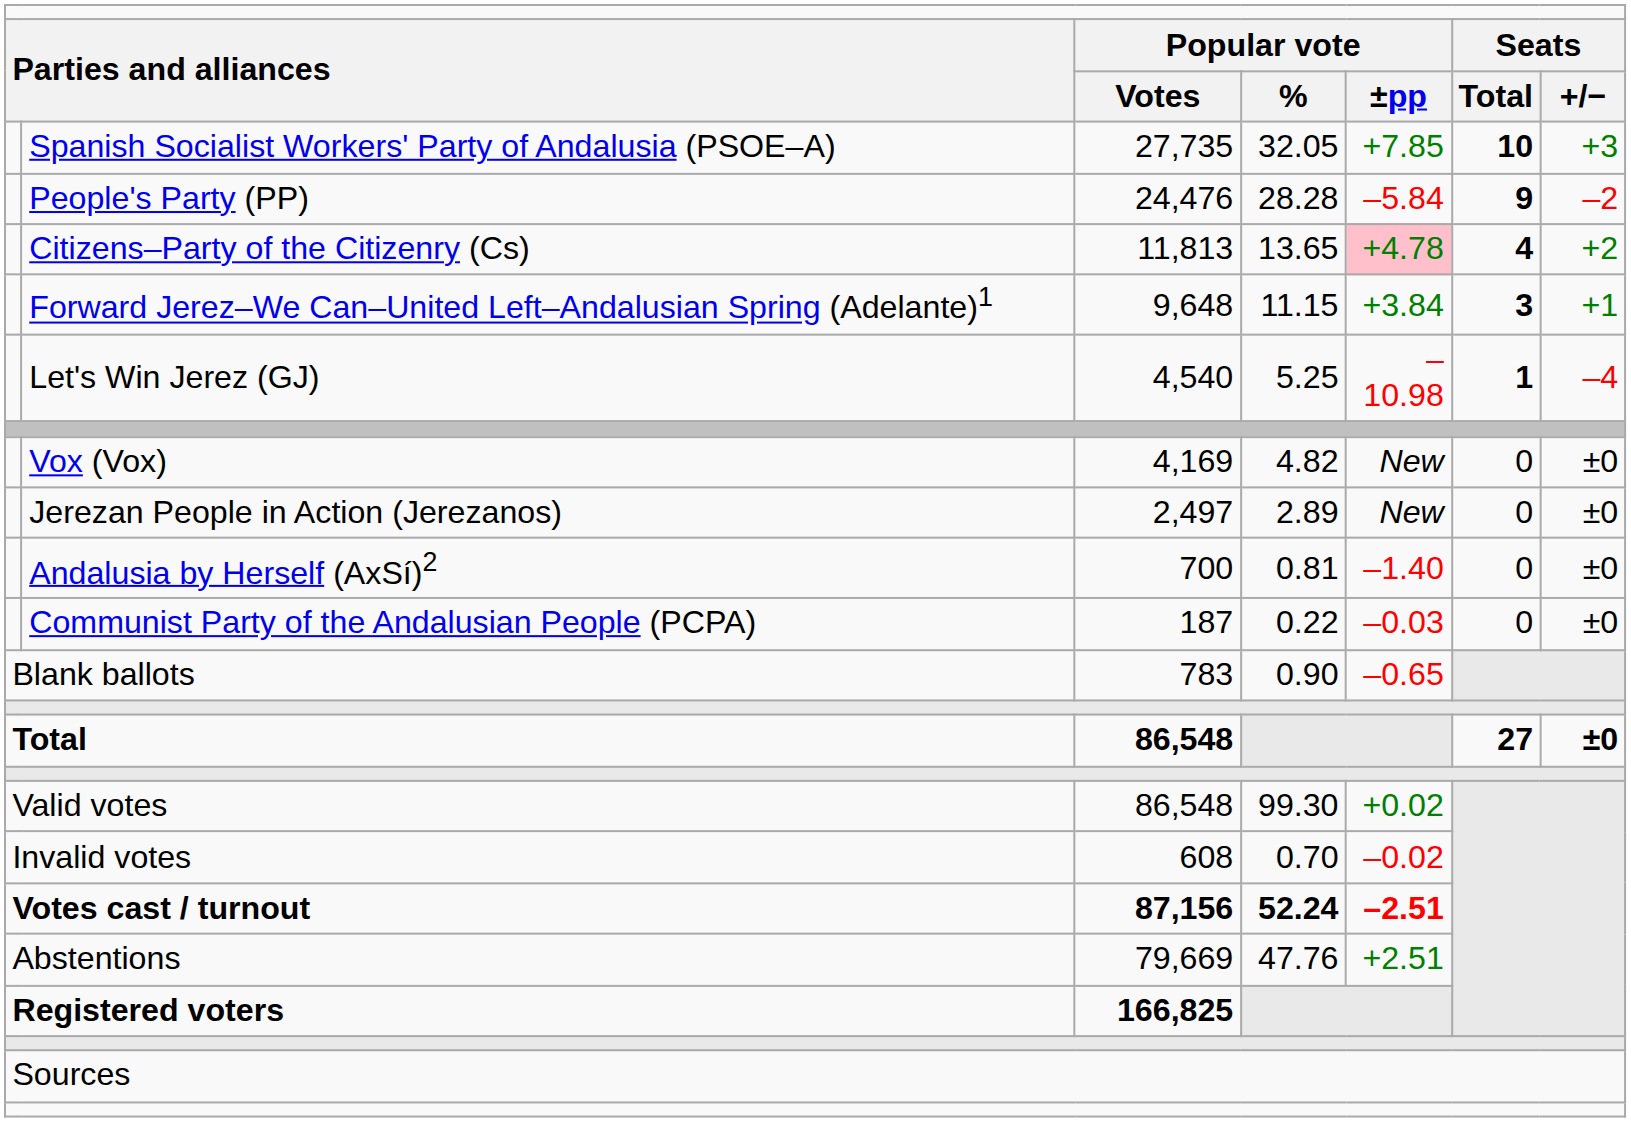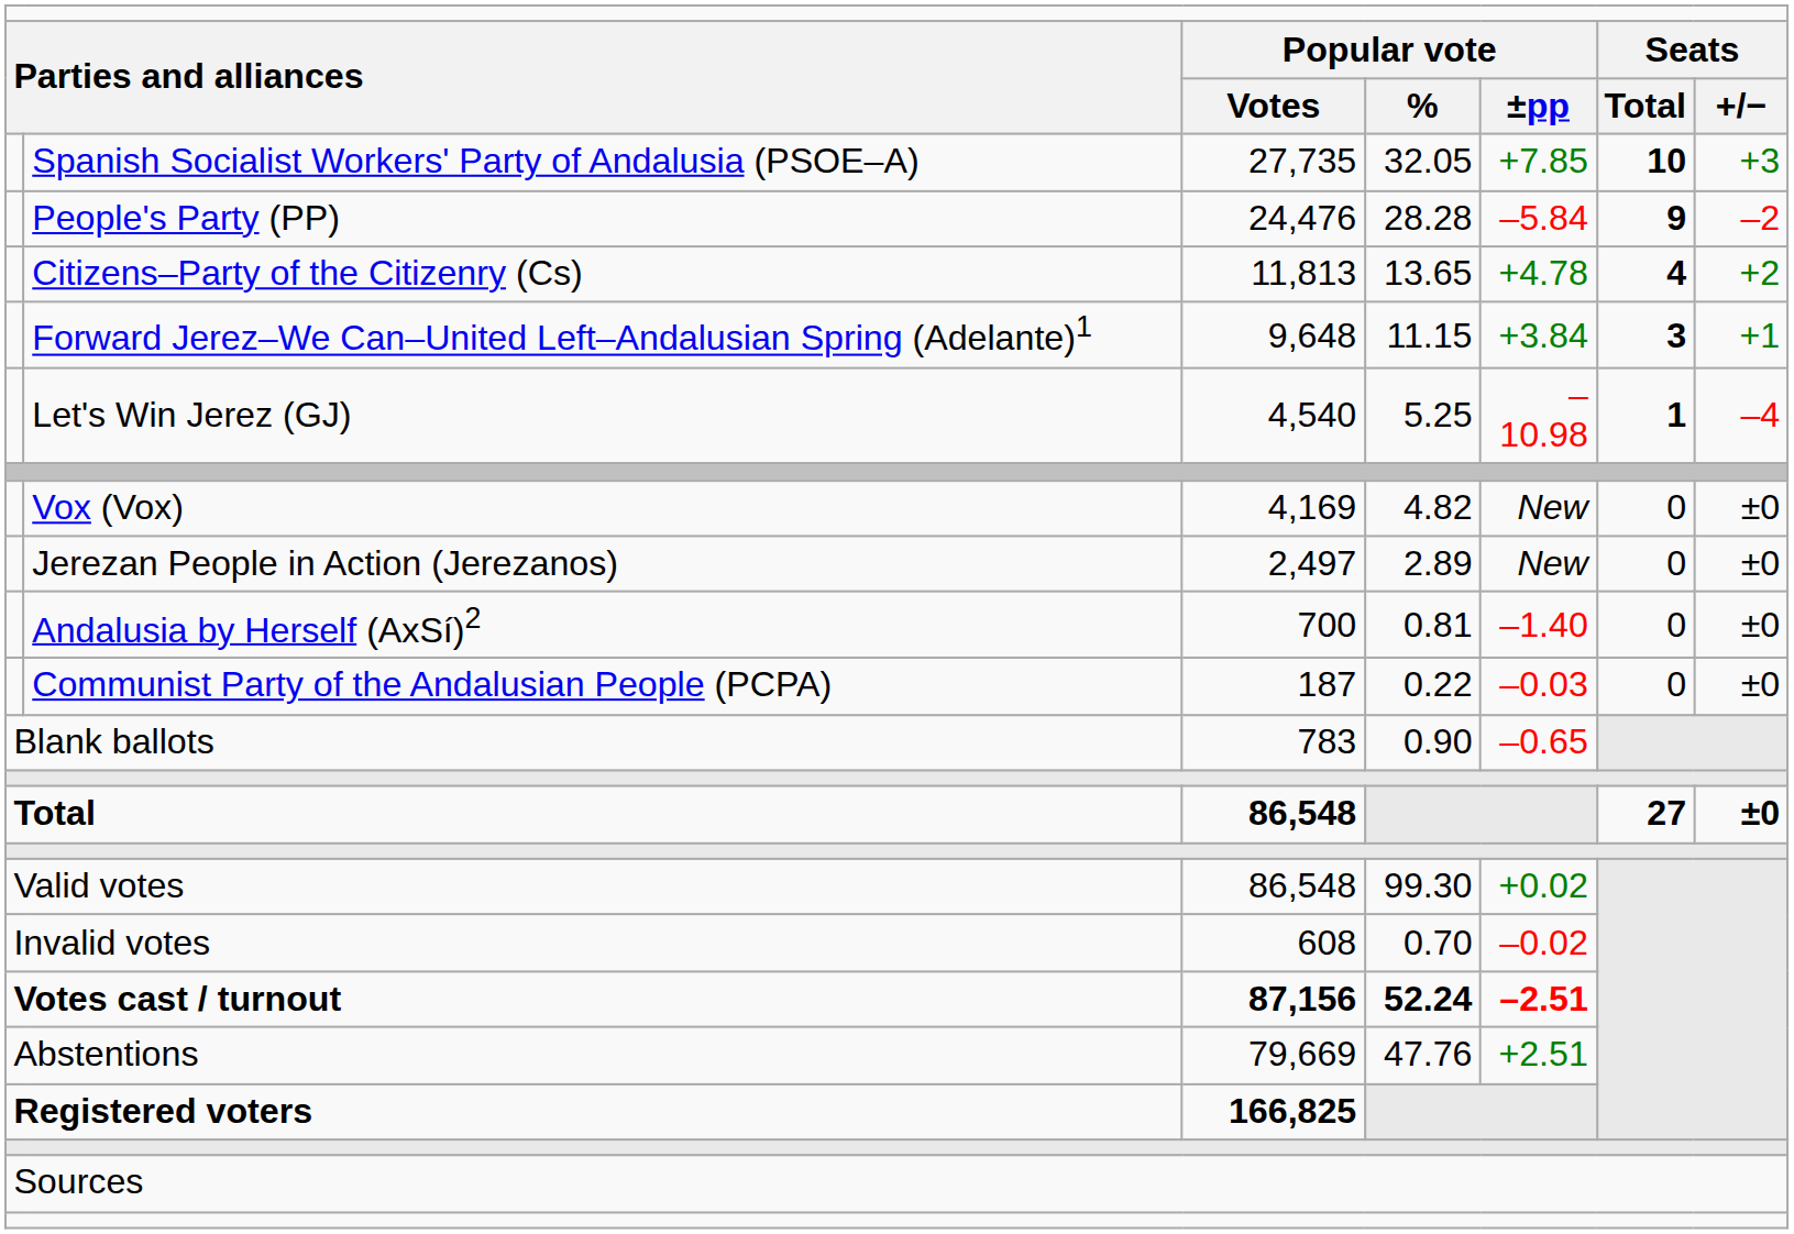 <table class="wikitable" style="text-align:right;">
 <tr>
 <td colspan="7"></td>
 </tr>
 <tr>
 <th style="text-align:left;" rowspan="2" colspan="2" width="525">Parties and alliances</th>
 <th colspan="3">Popular vote</th>
 <th colspan="2">Seats</th>
 </tr>
 <tr>
 <th width="75">Votes</th>
 <th width="45">%</th>
 <th width="45">±<a href='#'>pp</a></th>
 <th width="35">Total</th>
 <th width="35">+/−</th>
 </tr>
 <tr>
 <td width="1" style="color:inherit;background:"></td>
 <td align="left"><a href='#'>Spanish Socialist Workers' Party of Andalusia</a> (PSOE–A)</td>
 <td>27,735</td>
 <td>32.05</td>
 <td style="color:green;">+7.85</td>
 <td><strong>10</strong></td>
 <td style="color:green;">+3</td>
 </tr>
 <tr>
 <td style="color:inherit;background:"></td>
 <td align="left"><a href='#'>People's Party</a> (PP)</td>
 <td>24,476</td>
 <td>28.28</td>
 <td style="color:red;">–5.84</td>
 <td><strong>9</strong></td>
 <td style="color:red;">–2</td>
 </tr>
 <tr>
 <td style="color:inherit;background:"></td>
 <td align="left"><a href='#'>Citizens–Party of the Citizenry</a> (Cs)</td>
 <td>11,813</td>
 <td>13.65</td>
-<td style="background: pink; color:green;">+4.78</td>
+<td style="color:green;">+4.78</td>
 <td><strong>4</strong></td>
 <td style="color:green;">+2</td>
 </tr>
 <tr>
 <td style="color:inherit;background:"></td>
 <td align="left"><a href='#'>Forward Jerez–We Can–United Left–Andalusian Spring</a> (Adelante)<sup>1</sup></td>
 <td>9,648</td>
 <td>11.15</td>
 <td style="color:green;">+3.84</td>
 <td><strong>3</strong></td>
 <td style="color:green;">+1</td>
 </tr>
 <tr>
 <td style="color:inherit;background:"></td>
 <td align="left">Let's Win Jerez (GJ)</td>
 <td>4,540</td>
 <td>5.25</td>
 <td style="color:red;">–10.98</td>
 <td><strong>1</strong></td>
 <td style="color:red;">–4</td>
 </tr>
 <tr>
 <td colspan="7" bgcolor="#C0C0C0"></td>
 </tr>
 <tr>
 <td style="color:inherit;background:"></td>
 <td align="left"><a href='#'>Vox</a> (Vox)</td>
 <td>4,169</td>
 <td>4.82</td>
 <td><em>New</em></td>
 <td>0</td>
 <td>±0</td>
 </tr>
 <tr>
 <td style="color:inherit;background:"></td>
 <td align="left">Jerezan People in Action (Jerezanos)</td>
 <td>2,497</td>
 <td>2.89</td>
 <td><em>New</em></td>
 <td>0</td>
 <td>±0</td>
 </tr>
 <tr>
 <td style="color:inherit;background:"></td>
 <td align="left"><a href='#'>Andalusia by Herself</a> (AxSí)<sup>2</sup></td>
 <td>700</td>
 <td>0.81</td>
 <td style="color:red;">–1.40</td>
 <td>0</td>
 <td>±0</td>
 </tr>
 <tr>
 <td style="color:inherit;background:"></td>
 <td align="left"><a href='#'>Communist Party of the Andalusian People</a> (PCPA)</td>
 <td>187</td>
 <td>0.22</td>
 <td style="color:red;">–0.03</td>
 <td>0</td>
 <td>±0</td>
 </tr>
 <tr>
 <td align="left" colspan="2">Blank ballots</td>
 <td>783</td>
 <td>0.90</td>
 <td style="color:red;">–0.65</td>
 <td bgcolor="#E9E9E9" colspan="2"></td>
 </tr>
 <tr>
 <td colspan="7" bgcolor="#E9E9E9"></td>
 </tr>
 <tr style="font-weight:bold;">
 <td align="left" colspan="2">Total</td>
 <td>86,548</td>
 <td bgcolor="#E9E9E9" colspan="2"></td>
 <td>27</td>
 <td>±0</td>
 </tr>
 <tr>
 <td colspan="7" bgcolor="#E9E9E9"></td>
 </tr>
 <tr>
 <td align="left" colspan="2">Valid votes</td>
 <td>86,548</td>
 <td>99.30</td>
 <td style="color:green;">+0.02</td>
 <td bgcolor="#E9E9E9" colspan="2" rowspan="5"></td>
 </tr>
 <tr>
 <td align="left" colspan="2">Invalid votes</td>
 <td>608</td>
 <td>0.70</td>
 <td style="color:red;">–0.02</td>
 </tr>
 <tr style="font-weight:bold;">
 <td align="left" colspan="2">Votes cast / turnout</td>
 <td>87,156</td>
 <td>52.24</td>
 <td style="color:red;">–2.51</td>
 </tr>
 <tr>
 <td align="left" colspan="2">Abstentions</td>
 <td>79,669</td>
 <td>47.76</td>
 <td style="color:green;">+2.51</td>
 </tr>
 <tr style="font-weight:bold;">
 <td align="left" colspan="2">Registered voters</td>
 <td>166,825</td>
 <td bgcolor="#E9E9E9" colspan="2"></td>
 </tr>
 <tr>
 <td colspan="7" bgcolor="#E9E9E9"></td>
 </tr>
 <tr>
 <td align="left" colspan="7">Sources</td>
 </tr>
 <tr>
 <td colspan="7" style="text-align:left; max-width:790px;"></td>
 </tr>
 </table>
